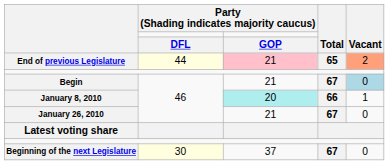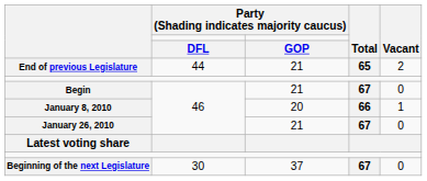 <table class=wikitable style="text-align:center">
 <tr style="vertical-align:bottom;">
 <th rowspan=3></th>
 <th colspan=2>Party <div>(Shading indicates majority caucus)</div></th>
 <th rowspan=3>Total</th>
 <th rowspan=3>Vacant</th>
 </tr>
 <tr style="height:5px">
 <td style="background-color:"></td>
 <td style="background-color:"></td>
 </tr>
 <tr>
 <th><a href='#'>DFL</a></th>
 <th><a href='#'>GOP</a></th>
 </tr>
 <tr>
 <th style="white-space:nowrap; font-size:80%;">End of <a href='#'>previous Legislature</a></th>
-<td style="background: lightyellow;">44</td>
-<td style="background: pink;">21</td>
+<td>44</td>
+<td>21</td>
 <th>65</th>
-<td style="background: lightsalmon;">2</td>
+<td>2</td>
 </tr>
 <tr>
 <td colspan=6></td>
 </tr>
 <tr>
 <th style="font-size:80%">Begin</th>
 <td rowspan=3 >46</td>
 <td>21</td>
 <th>67</th>
-<td style="background: lightblue;">0</td>
+<td>0</td>
 </tr>
 <tr>
 <th style="font-size:80%">January 8, 2010 </th>
-<td style="background: paleturquoise;">20</td>
+<td>20</td>
 <th>66</th>
 <td>1</td>
 </tr>
 <tr>
 <th style="font-size:80%">January 26, 2010 </th>
 <td>21</td>
 <th>67</th>
 <td>0</td>
 </tr>
 <tr>
 <th>Latest voting share</th>
 <th></th>
 <th></th>
 <th colspan=2></th>
 </tr>
 <tr>
 <td colspan=6></td>
 </tr>
 <tr>
 <th style="white-space:nowrap; font-size:80%;">Beginning of the <a href='#'>next Legislature</a></th>
-<td style="background: lightyellow;">30</td>
+<td>30</td>
 <td>37</td>
 <th>67</th>
 <td>0</td>
 </tr>
 </table>
